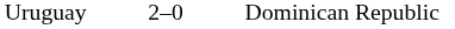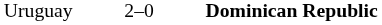 <table style="text-align:center">
 <tr>
 <th width=200></th>
 <th width=100></th>
 <th width=200></th>
 </tr>
 <tr>
 <td align=right>Uruguay</td>
 <td>2–0</td>
-<td align=left>Dominican Republic</td>
+<td align=left><strong>Dominican Republic</strong></td>
 </tr>
 <tr>
 </tr>
 </table>
